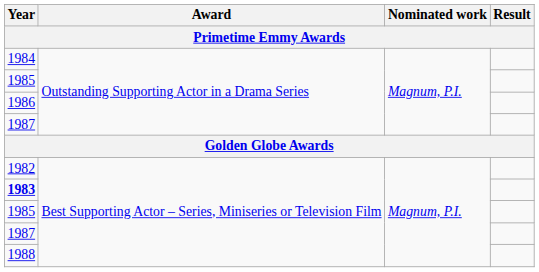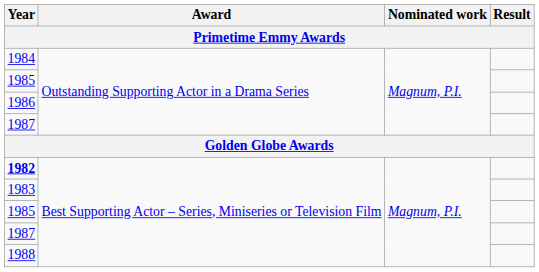 <table class="wikitable sortable">
 <tr>
 <th>Year</th>
 <th>Award</th>
 <th>Nominated work</th>
 <th>Result</th>
 </tr>
 <tr>
 <th colspan=4><a href='#'>Primetime Emmy Awards</a></th>
 </tr>
 <tr>
 <td><a href='#'>1984</a></td>
 <td rowspan=4><a href='#'>Outstanding Supporting Actor in a Drama Series</a></td>
 <td rowspan=4><em><a href='#'>Magnum, P.I.</a></em></td>
 <td></td>
 </tr>
 <tr>
 <td><a href='#'>1985</a></td>
 <td></td>
 </tr>
 <tr>
 <td><a href='#'>1986</a></td>
 <td></td>
 </tr>
 <tr>
 <td><a href='#'>1987</a></td>
 <td></td>
 </tr>
 <tr>
 <th colspan=4><a href='#'>Golden Globe Awards</a></th>
 </tr>
 <tr>
-<td><a href='#'>1982</a></td>
+<td><strong><a href='#'>1982</a></strong></td>
 <td rowspan=5><a href='#'>Best Supporting Actor – Series, Miniseries or Television Film</a></td>
 <td rowspan=5><em><a href='#'>Magnum, P.I.</a></em></td>
 <td></td>
 </tr>
 <tr>
-<td><strong><a href='#'>1983</a></strong></td>
+<td><a href='#'>1983</a></td>
 <td></td>
 </tr>
 <tr>
 <td><a href='#'>1985</a></td>
 <td></td>
 </tr>
 <tr>
 <td><a href='#'>1987</a></td>
 <td></td>
 </tr>
 <tr>
 <td><a href='#'>1988</a></td>
 <td></td>
 </tr>
 </table>
